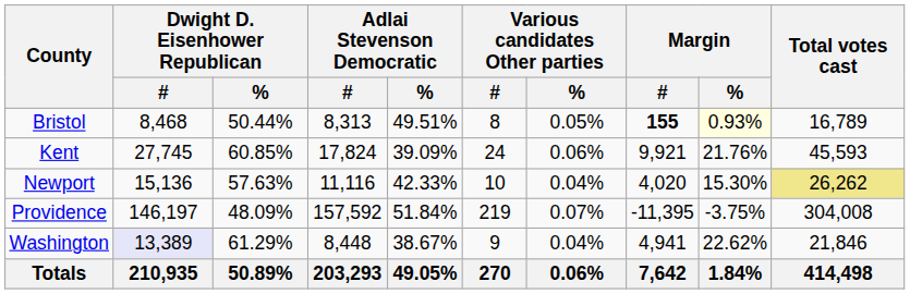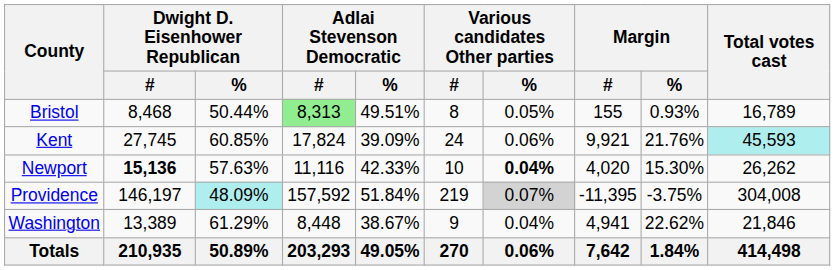 <table width="60%"  class="wikitable sortable" style="text-align:center">
 <tr>
 <th style="text-align:center;" rowspan="2">County</th>
 <th style="text-align:center;" colspan="2">Dwight D. Eisenhower<br>Republican</th>
 <th style="text-align:center;" colspan="2">Adlai Stevenson<br>Democratic</th>
 <th style="text-align:center;" colspan="2">Various candidates<br>Other parties</th>
 <th style="text-align:center;" colspan="2">Margin</th>
 <th style="text-align:center;" rowspan="2">Total votes cast</th>
 </tr>
 <tr>
 <th style="text-align:center;" data-sort-type="number">#</th>
 <th style="text-align:center;" data-sort-type="number">%</th>
 <th style="text-align:center;" data-sort-type="number">#</th>
 <th style="text-align:center;" data-sort-type="number">%</th>
 <th style="text-align:center;" data-sort-type="number">#</th>
 <th style="text-align:center;" data-sort-type="number">%</th>
 <th style="text-align:center;" data-sort-type="number">#</th>
 <th style="text-align:center;" data-sort-type="number">%</th>
 </tr>
 <tr style="text-align:center;">
 <td><a href='#'>Bristol</a></td>
 <td>8,468</td>
 <td>50.44%</td>
-<td>8,313</td>
+<td style="background: lightgreen;">8,313</td>
 <td>49.51%</td>
 <td>8</td>
 <td>0.05%</td>
-<td><strong>155</strong></td>
-<td style="background: lightyellow;">0.93%</td>
+<td>155</td>
+<td>0.93%</td>
 <td>16,789</td>
 </tr>
 <tr style="text-align:center;">
 <td><a href='#'>Kent</a></td>
 <td>27,745</td>
 <td>60.85%</td>
 <td>17,824</td>
 <td>39.09%</td>
 <td>24</td>
 <td>0.06%</td>
 <td>9,921</td>
 <td>21.76%</td>
-<td>45,593</td>
+<td style="background: paleturquoise;">45,593</td>
 </tr>
 <tr style="text-align:center;">
 <td><a href='#'>Newport</a></td>
-<td>15,136</td>
+<td><strong>15,136</strong></td>
 <td>57.63%</td>
 <td>11,116</td>
 <td>42.33%</td>
 <td>10</td>
-<td>0.04%</td>
+<td><strong>0.04%</strong></td>
 <td>4,020</td>
 <td>15.30%</td>
-<td style="background: khaki;">26,262</td>
+<td>26,262</td>
 </tr>
 <tr style="text-align:center;">
 <td><a href='#'>Providence</a></td>
 <td>146,197</td>
-<td>48.09%</td>
+<td style="background: paleturquoise;">48.09%</td>
 <td>157,592</td>
 <td>51.84%</td>
 <td>219</td>
-<td>0.07%</td>
+<td style="background: lightgrey;">0.07%</td>
 <td>-11,395</td>
 <td>-3.75%</td>
 <td>304,008</td>
 </tr>
 <tr style="text-align:center;">
 <td><a href='#'>Washington</a></td>
-<td style="background: lavender;">13,389</td>
+<td>13,389</td>
 <td>61.29%</td>
 <td>8,448</td>
 <td>38.67%</td>
 <td>9</td>
 <td>0.04%</td>
 <td>4,941</td>
 <td>22.62%</td>
 <td>21,846</td>
 </tr>
 <tr>
 <th>Totals</th>
 <th>210,935</th>
 <th>50.89%</th>
 <th>203,293</th>
 <th>49.05%</th>
 <th>270</th>
 <th>0.06%</th>
 <th>7,642</th>
 <th>1.84%</th>
 <th>414,498</th>
 </tr>
 </table>
